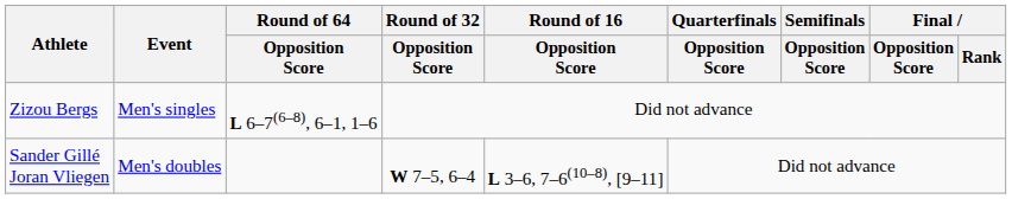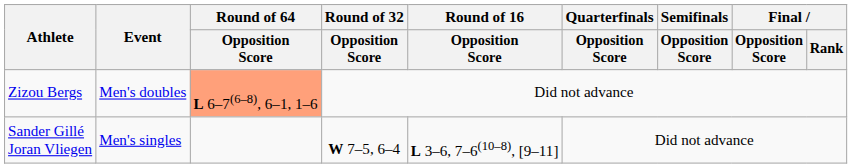 <table class=wikitable style="font-size:90%">
 <tr>
 <th rowspan="2">Athlete</th>
 <th rowspan="2">Event</th>
 <th>Round of 64</th>
 <th>Round of 32</th>
 <th>Round of 16</th>
 <th>Quarterfinals</th>
 <th>Semifinals</th>
 <th colspan=2>Final / </th>
 </tr>
 <tr style="font-size:95%">
 <th>Opposition<br>Score</th>
 <th>Opposition<br>Score</th>
 <th>Opposition<br>Score</th>
 <th>Opposition<br>Score</th>
 <th>Opposition<br>Score</th>
 <th>Opposition<br>Score</th>
 <th>Rank</th>
 </tr>
 <tr align=center>
 <td align=left><a href='#'>Zizou Bergs</a></td>
-<td align=left><a href='#'>Men's singles</a></td>
-<td><br><strong>L</strong> 6–7<sup>(6–8)</sup>, 6–1, 1–6</td>
+<td align=left><a href='#'>Men's doubles</a></td>
+<td style="background: lightsalmon;"><br><strong>L</strong> 6–7<sup>(6–8)</sup>, 6–1, 1–6</td>
 <td colspan=6>Did not advance</td>
 </tr>
 <tr align=center>
 <td align=left><a href='#'>Sander Gillé</a><br><a href='#'>Joran Vliegen</a></td>
-<td align=left><a href='#'>Men's doubles</a></td>
+<td align=left><a href='#'>Men's singles</a></td>
 <td></td>
 <td><br><strong>W</strong> 7–5, 6–4</td>
 <td><br><strong>L</strong> 3–6, 7–6<sup>(10–8)</sup>, [9–11]</td>
 <td colspan=4>Did not advance</td>
 </tr>
 </table>
